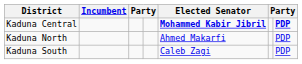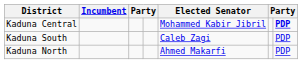 <table class="sortable wikitable" style="font-size:95%;line-height:14px;">
 <tr>
 <th class="unsortable">District</th>
 <th class="unsortable"><a href='#'>Incumbent</a></th>
 <th colspan="2">Party</th>
 <th class="unsortable">Elected Senator</th>
 <th colspan="2">Party</th>
 </tr>
 <tr>
 <td>Kaduna Central</td>
 <td></td>
 <td></td>
 <td></td>
-<td><strong><a href='#'>Mohammed Kabir Jibril</a></strong></td>
+<td><a href='#'>Mohammed Kabir Jibril</a></td>
 <td style="background:"></td>
 <td><strong><a href='#'>PDP</a></strong></td>
+</tr>
+<tr>
+<td>Kaduna South</td>
+<td></td>
+<td></td>
+<td></td>
+<td><a href='#'>Caleb Zagi</a></td>
+<td style="background:"></td>
+<td><a href='#'>PDP</a></td>
 </tr>
 <tr>
 <td>Kaduna North</td>
 <td></td>
 <td></td>
 <td></td>
 <td><a href='#'>Ahmed Makarfi</a></td>
 <td style="background:"></td>
 <td><a href='#'>PDP</a></td>
 </tr>
-<tr>
-<td>Kaduna South</td>
-<td></td>
-<td></td>
-<td></td>
-<td><a href='#'>Caleb Zagi</a></td>
-<td style="background:"></td>
-<td><a href='#'>PDP</a></td>
-</tr>
 </table>
